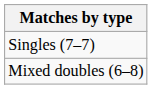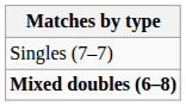 <table class="wikitable" style=font-size:90%>
 <tr>
 <th>Matches by type</th>
 </tr>
 <tr>
 <td>Singles (7–7)</td>
 </tr>
 <tr>
-<td>Mixed doubles (6–8)</td>
+<td><strong>Mixed doubles (6–8)</strong></td>
 </tr>
 </table>
